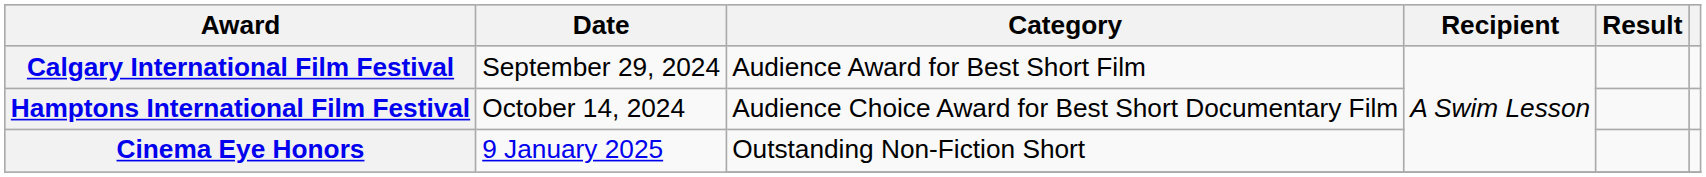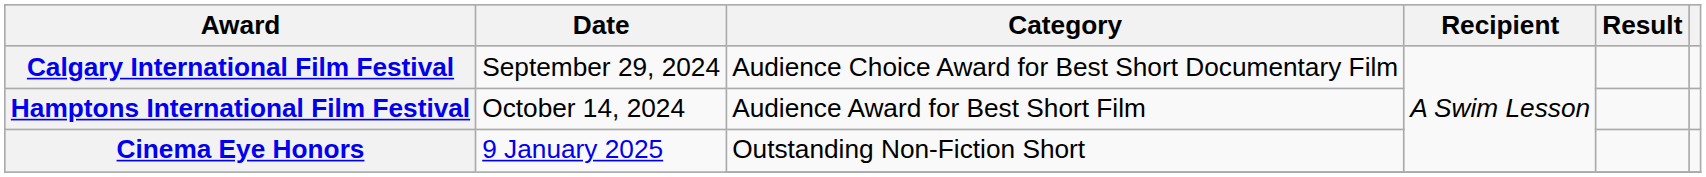 <table class="wikitable sortable plainrowheaders">
 <tr>
 <th>Award</th>
 <th>Date</th>
 <th>Category</th>
 <th>Recipient</th>
 <th>Result</th>
 <th></th>
 </tr>
 <tr>
 <th scope="row"><a href='#'>Calgary International Film Festival</a></th>
 <td>September 29, 2024</td>
-<td>Audience Award for Best Short Film</td>
+<td>Audience Choice Award for Best Short Documentary Film</td>
 <td rowspan="3"><em>A Swim Lesson</em></td>
 <td></td>
 <td align="center"></td>
 </tr>
 <tr>
 <th scope="row"><a href='#'>Hamptons International Film Festival</a></th>
 <td>October 14, 2024</td>
-<td>Audience Choice Award for Best Short Documentary Film</td>
+<td>Audience Award for Best Short Film</td>
 <td></td>
 <td align="center"></td>
 </tr>
 <tr>
 <th scope="row" rowspan="2"><a href='#'>Cinema Eye Honors</a></th>
 <td rowspan="2"><a href='#'>9 January 2025</a></td>
 <td>Outstanding Non-Fiction Short</td>
 <td></td>
 <td align="center"></td>
 </tr>
 <tr>
 </tr>
 </table>
